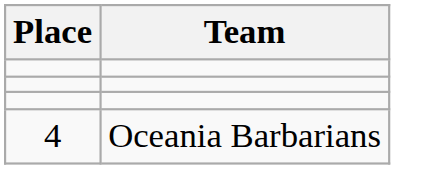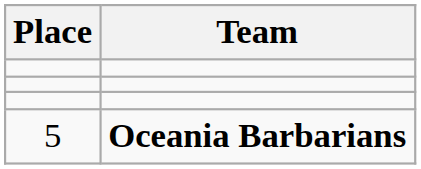 <table class="wikitable" style="text-align:center; padding-bottom:0;">
 <tr>
 <th>Place</th>
 <th>Team</th>
 </tr>
 <tr>
 <td></td>
 <td align=left></td>
 </tr>
 <tr>
 <td></td>
 <td align=left></td>
 </tr>
 <tr>
 <td></td>
 <td align=left></td>
 </tr>
 <tr>
-<td>4</td>
-<td align=left>Oceania Barbarians</td>
+<td>5</td>
+<td align=left><strong>Oceania Barbarians</strong></td>
 </tr>
 </table>
